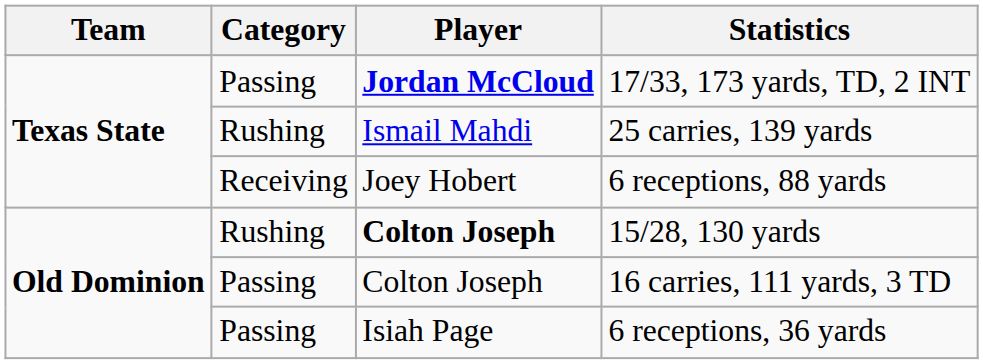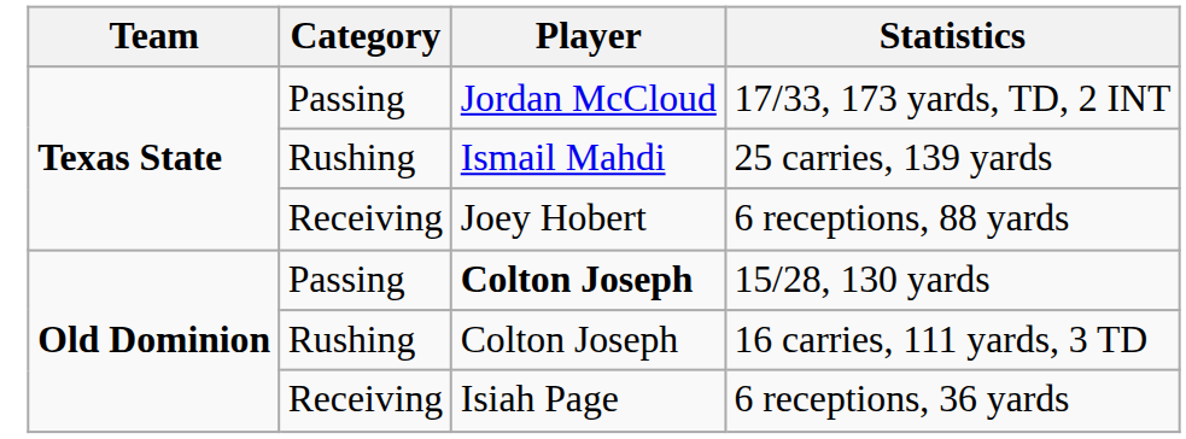 <table class="wikitable" style="float: right;">
 <tr>
 <th>Team</th>
 <th>Category</th>
 <th>Player</th>
 <th>Statistics</th>
 </tr>
 <tr>
 <td rowspan=3><strong>Texas State</strong></td>
 <td>Passing</td>
-<td><strong><a href='#'>Jordan McCloud</a></strong></td>
+<td><a href='#'>Jordan McCloud</a></td>
 <td>17/33, 173 yards, TD, 2 INT</td>
 </tr>
 <tr>
 <td>Rushing</td>
 <td><a href='#'>Ismail Mahdi</a></td>
 <td>25 carries, 139 yards</td>
 </tr>
 <tr>
 <td>Receiving</td>
 <td>Joey Hobert</td>
 <td>6 receptions, 88 yards</td>
 </tr>
 <tr>
 <td rowspan=3><strong>Old Dominion</strong></td>
-<td>Rushing</td>
+<td>Passing</td>
 <td><strong>Colton Joseph</strong></td>
 <td>15/28, 130 yards</td>
 </tr>
 <tr>
-<td>Passing</td>
+<td>Rushing</td>
 <td>Colton Joseph</td>
 <td>16 carries, 111 yards, 3 TD</td>
 </tr>
 <tr>
-<td>Passing</td>
+<td>Receiving</td>
 <td>Isiah Page</td>
 <td>6 receptions, 36 yards</td>
 </tr>
 </table>
